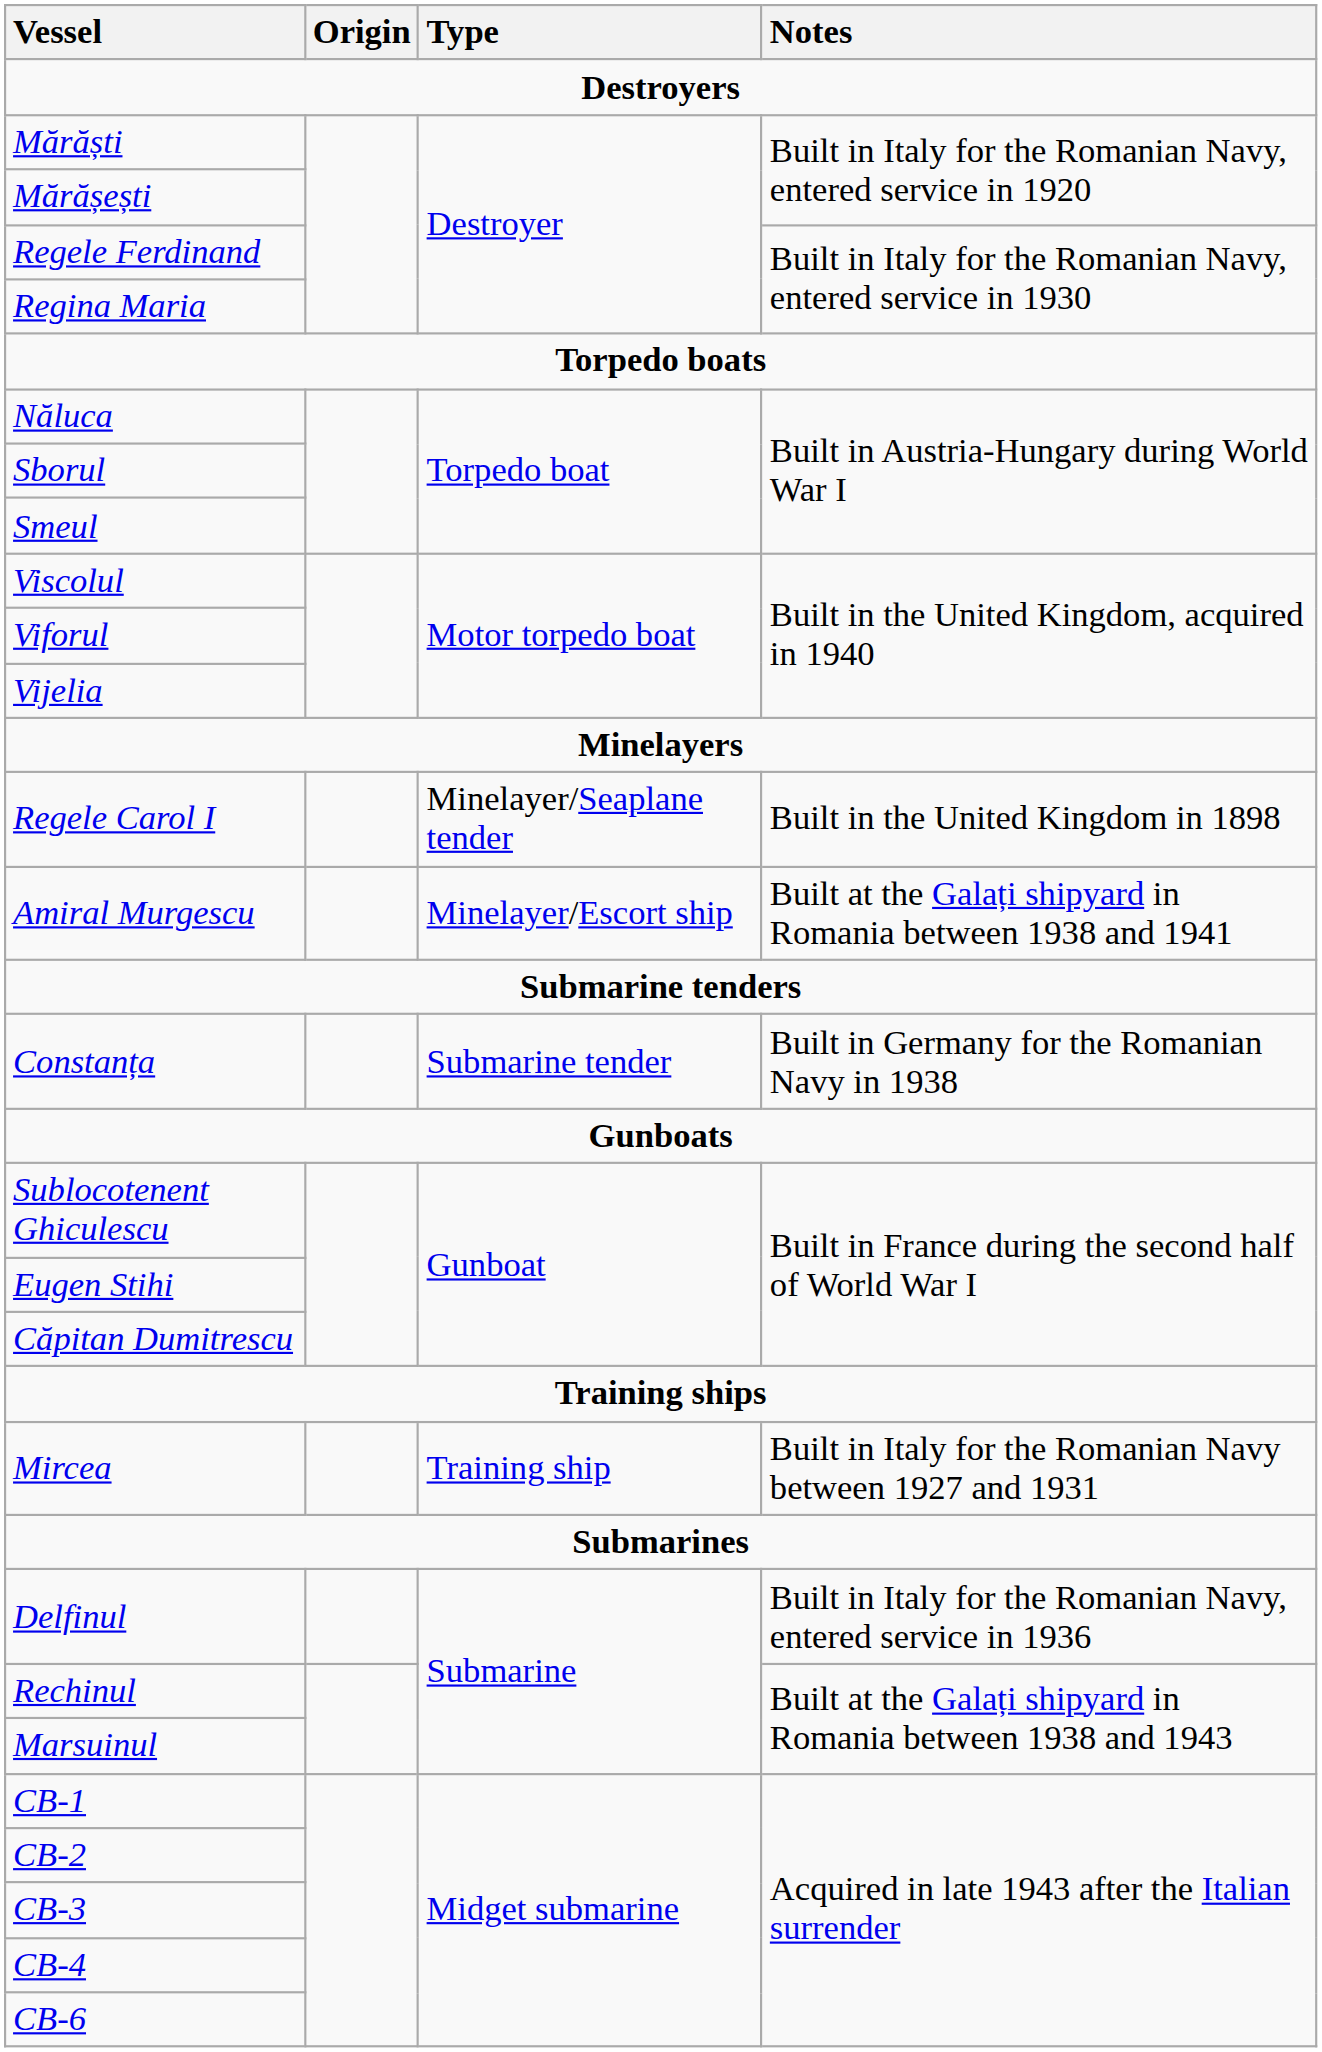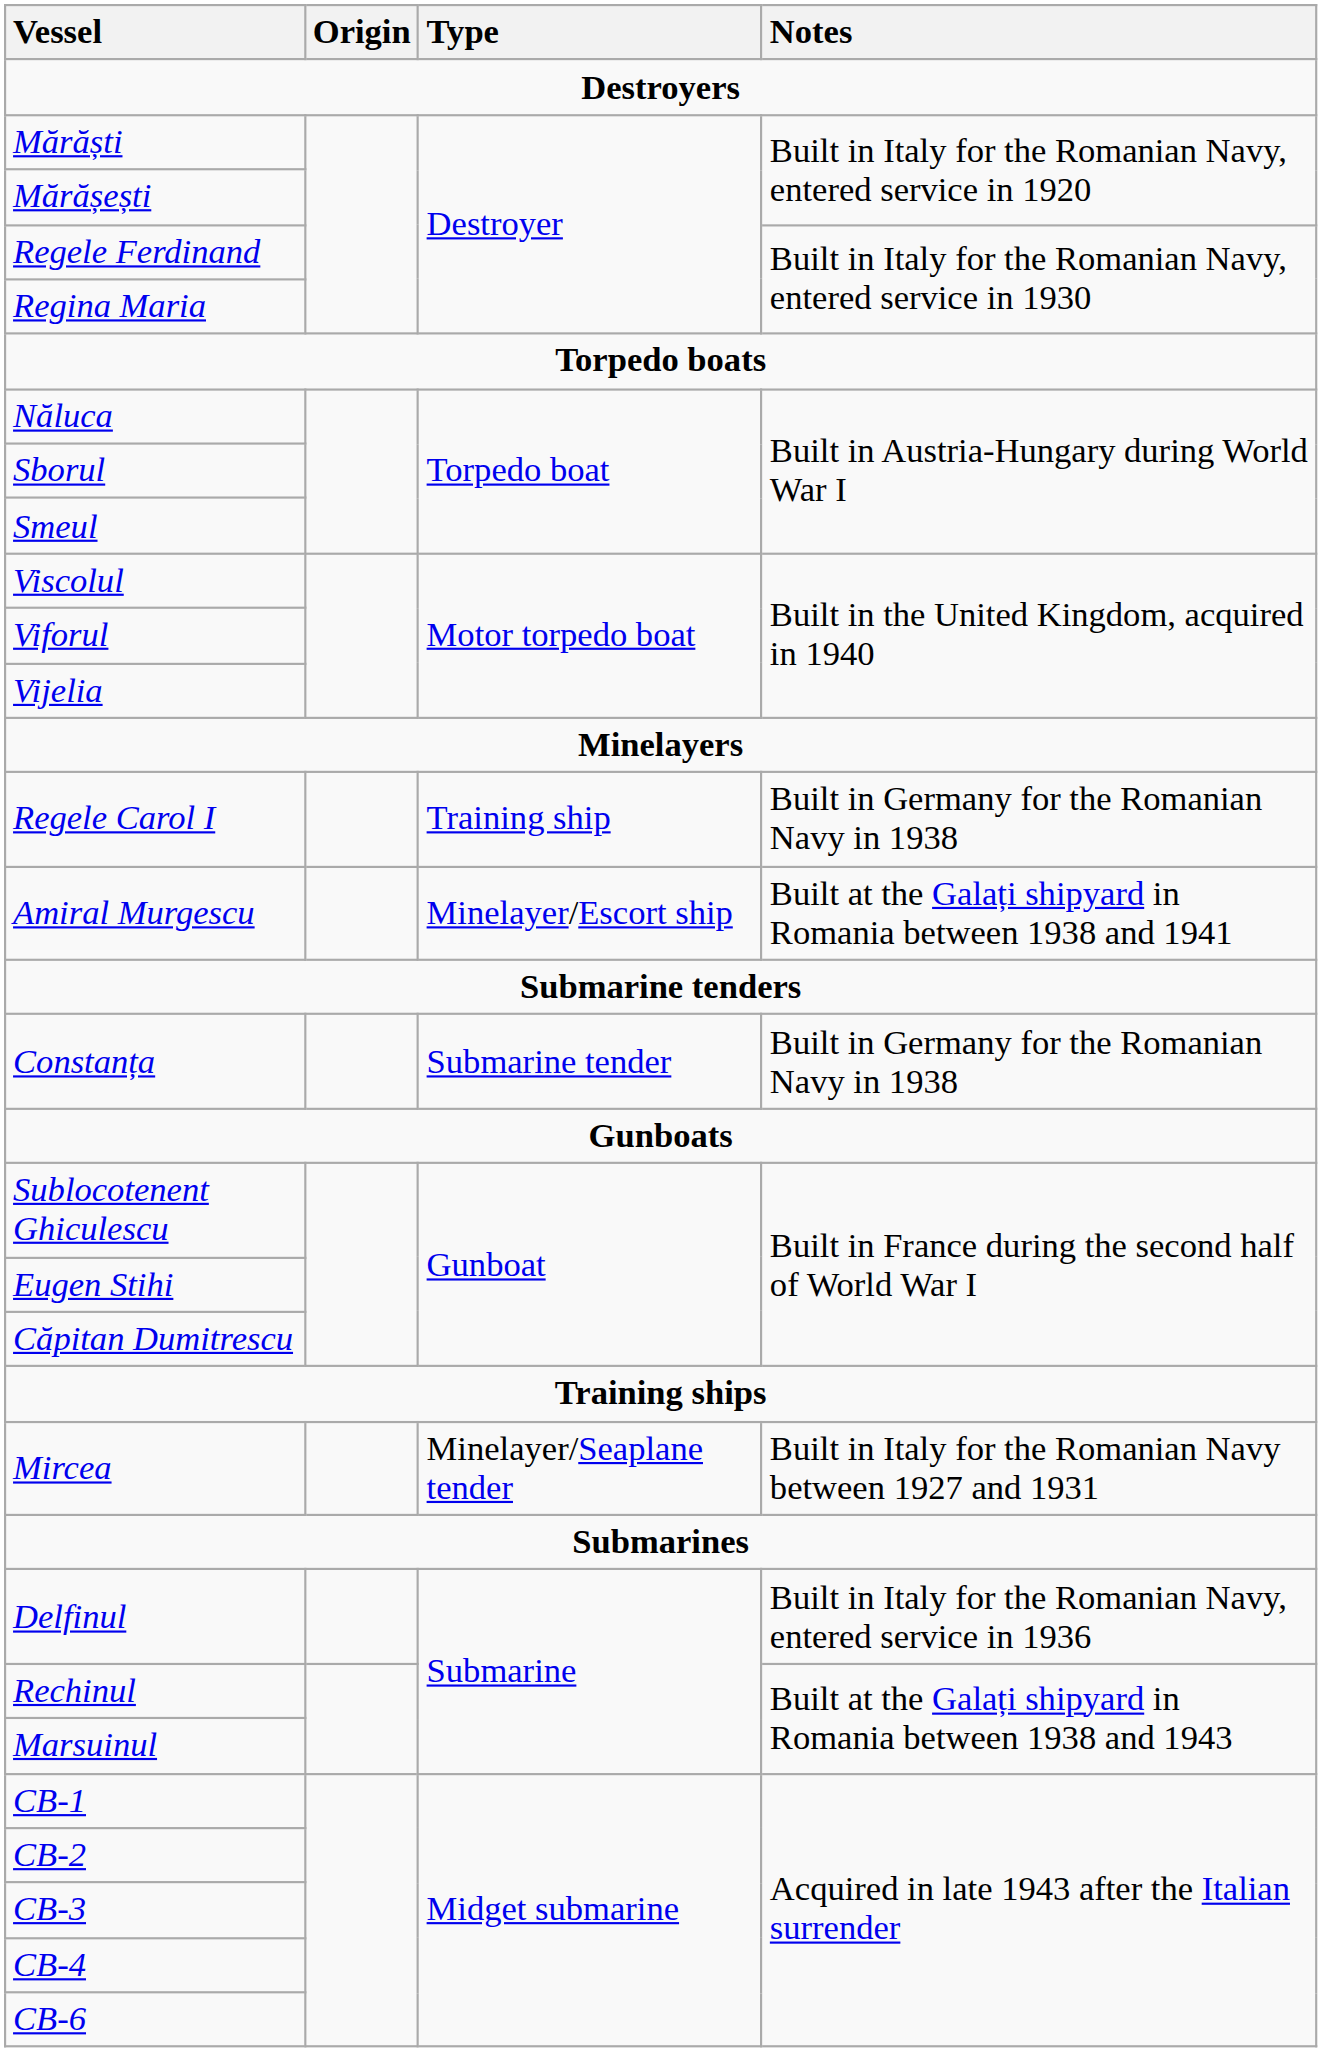 <table role="presentation" class="wikitable">
 <tr>
 <th style="text-align: left;">Vessel</th>
 <th style="text-align: left;">Origin</th>
 <th style="text-align: left;">Type</th>
 <th style="text-align: left;">Notes</th>
 </tr>
 <tr>
 <th colspan="6" style="background:#f9f9f9;">Destroyers</th>
 </tr>
 <tr>
 <td><em><a href='#'>Mărăști</a></em></td>
 <td rowspan="4"></td>
 <td rowspan="4"><a href='#'>Destroyer</a></td>
 <td rowspan="2">Built in Italy for the Romanian Navy, entered service in 1920</td>
 </tr>
 <tr>
 <td><em><a href='#'>Mărășești</a></em></td>
 </tr>
 <tr>
 <td><em><a href='#'>Regele Ferdinand</a></em></td>
 <td rowspan="2">Built in Italy for the Romanian Navy, entered service in 1930</td>
 </tr>
 <tr>
 <td><em><a href='#'>Regina Maria</a></em></td>
 </tr>
 <tr>
 <th colspan="6" style="background:#f9f9f9;">Torpedo boats</th>
 </tr>
 <tr>
 <td><em><a href='#'>Năluca</a></em></td>
 <td rowspan="3"></td>
 <td rowspan="3"><a href='#'>Torpedo boat</a></td>
 <td rowspan="3">Built in Austria-Hungary during World War I</td>
 </tr>
 <tr>
 <td><em><a href='#'>Sborul</a></em></td>
 </tr>
 <tr>
 <td><em><a href='#'>Smeul</a></em></td>
 </tr>
 <tr>
 <td><em><a href='#'>Viscolul</a></em></td>
 <td rowspan="3"></td>
 <td rowspan="3"><a href='#'>Motor torpedo boat</a></td>
 <td rowspan="3">Built in the United Kingdom, acquired in 1940</td>
 </tr>
 <tr>
 <td><em><a href='#'>Viforul</a></em></td>
 </tr>
 <tr>
 <td><em><a href='#'>Vijelia</a></em></td>
 </tr>
 <tr>
 <th colspan="6" style="background:#f9f9f9;">Minelayers</th>
 </tr>
 <tr>
 <td><em><a href='#'>Regele Carol I</a></em></td>
 <td></td>
-<td>Minelayer/<a href='#'>Seaplane tender</a></td>
-<td>Built in the United Kingdom in 1898</td>
+<td><a href='#'>Training ship</a></td>
+<td>Built in Germany for the Romanian Navy in 1938</td>
 </tr>
 <tr>
 <td><em><a href='#'>Amiral Murgescu</a></em></td>
 <td></td>
 <td><a href='#'>Minelayer</a>/<a href='#'>Escort ship</a></td>
 <td>Built at the <a href='#'>Galați shipyard</a> in Romania between 1938 and 1941</td>
 </tr>
 <tr>
 <th colspan="6" style="background:#f9f9f9;">Submarine tenders</th>
 </tr>
 <tr>
 <td><em><a href='#'>Constanța</a></em></td>
 <td></td>
 <td><a href='#'>Submarine tender</a></td>
 <td>Built in Germany for the Romanian Navy in 1938</td>
 </tr>
 <tr>
 <th colspan="6" style="background:#f9f9f9;">Gunboats</th>
 </tr>
 <tr>
 <td><em><a href='#'>Sublocotenent Ghiculescu</a></em></td>
 <td rowspan="3"></td>
 <td rowspan="3"><a href='#'>Gunboat</a></td>
 <td rowspan="3">Built in France during the second half of World War I</td>
 </tr>
 <tr>
 <td><em><a href='#'>Eugen Stihi</a></em></td>
 </tr>
 <tr>
 <td><em><a href='#'>Căpitan Dumitrescu</a></em></td>
 </tr>
 <tr>
 <th colspan="6" style="background:#f9f9f9;">Training ships</th>
 </tr>
 <tr>
 <td><em><a href='#'>Mircea</a></em></td>
 <td></td>
-<td><a href='#'>Training ship</a></td>
+<td>Minelayer/<a href='#'>Seaplane tender</a></td>
 <td>Built in Italy for the Romanian Navy between 1927 and 1931</td>
 </tr>
 <tr>
 <th colspan="6" style="background:#f9f9f9;">Submarines</th>
 </tr>
 <tr>
 <td><em><a href='#'>Delfinul</a></em></td>
 <td></td>
 <td rowspan="3"><a href='#'>Submarine</a></td>
 <td>Built in Italy for the Romanian Navy, entered service in 1936</td>
 </tr>
 <tr>
 <td><em><a href='#'>Rechinul</a></em></td>
 <td rowspan="2"></td>
 <td rowspan="2">Built at the <a href='#'>Galați shipyard</a> in Romania between 1938 and 1943</td>
 </tr>
 <tr>
 <td><em><a href='#'>Marsuinul</a></em></td>
 </tr>
 <tr>
 <td><em><a href='#'>CB-1</a></em></td>
 <td rowspan="5"></td>
 <td rowspan="5"><a href='#'>Midget submarine</a></td>
 <td rowspan="5">Acquired in late 1943 after the <a href='#'>Italian surrender</a></td>
 </tr>
 <tr>
 <td><em><a href='#'>CB-2</a></em></td>
 </tr>
 <tr>
 <td><em><a href='#'>CB-3</a></em></td>
 </tr>
 <tr>
 <td><em><a href='#'>CB-4</a></em></td>
 </tr>
 <tr>
 <td><em><a href='#'>CB-6</a></em></td>
 </tr>
 </table>
